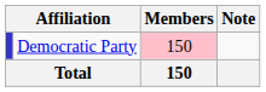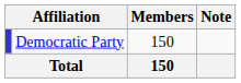 <table class="wikitable">
 <tr>
 <th colspan="2" align="center" valign="bottom">Affiliation</th>
 <th valign="bottom">Members</th>
 <th valign="bottom">Note</th>
 </tr>
 <tr>
 <td bgcolor="#3333CC"></td>
 <td><a href='#'>Democratic Party</a></td>
-<td align="center" style="background: pink;">150</td>
+<td align="center">150</td>
 <td></td>
 </tr>
 <tr>
 <th colspan="2" align="center"><strong>Total</strong></th>
 <th align="center"><strong>150</strong></th>
 <th></th>
 </tr>
 </table>
